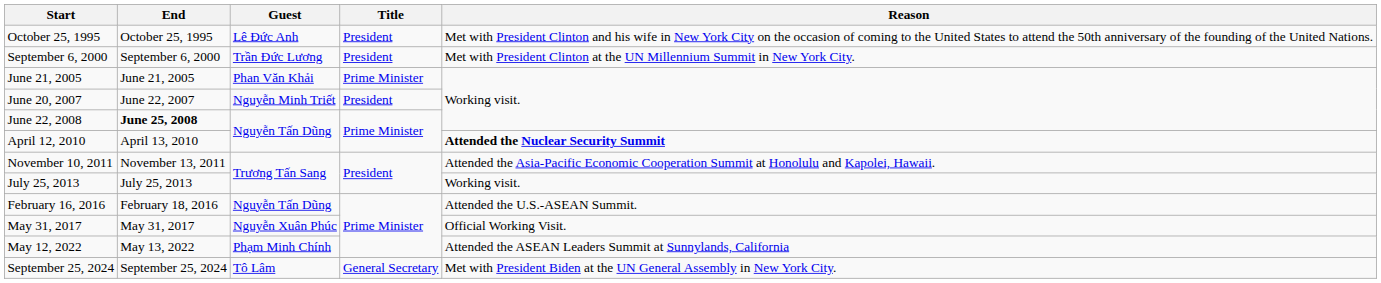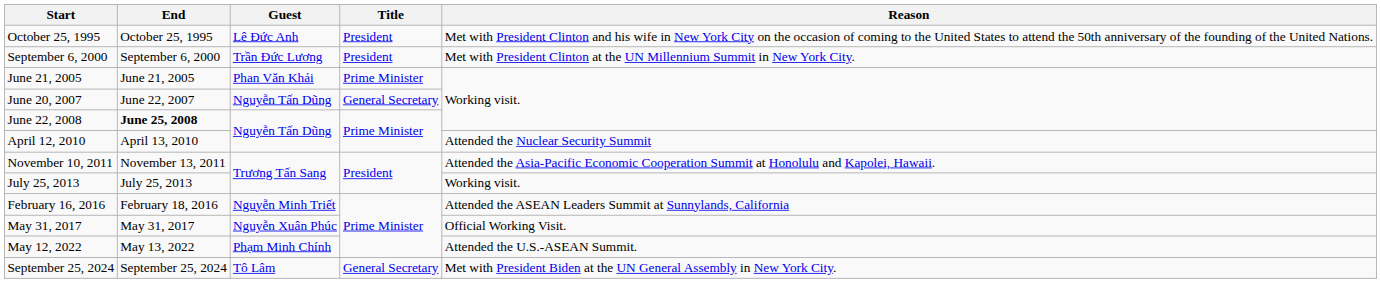 <table class="wikitable sortable">
 <tr>
 <th>Start</th>
 <th>End</th>
 <th>Guest</th>
 <th>Title</th>
 <th>Reason</th>
 </tr>
 <tr>
 <td>October 25, 1995</td>
 <td>October 25, 1995</td>
 <td><a href='#'>Lê Đức Anh</a></td>
 <td><a href='#'>President</a></td>
 <td>Met with <a href='#'>President Clinton</a> and his wife in <a href='#'>New York City</a> on the occasion of coming to the United States to attend the 50th anniversary of the founding of the United Nations.</td>
 </tr>
 <tr>
 <td>September 6, 2000</td>
 <td>September 6, 2000</td>
 <td><a href='#'>Trần Đức Lương</a></td>
 <td><a href='#'>President</a></td>
 <td>Met with <a href='#'>President Clinton</a> at the <a href='#'>UN Millennium Summit</a> in <a href='#'>New York City</a>.</td>
 </tr>
 <tr>
 <td>June 21, 2005</td>
 <td>June 21, 2005</td>
 <td><a href='#'>Phan Văn Khải</a></td>
 <td><a href='#'>Prime Minister</a></td>
 <td rowspan=3>Working visit.</td>
 </tr>
 <tr>
 <td>June 20, 2007</td>
 <td>June 22, 2007</td>
-<td><a href='#'>Nguyễn Minh Triết</a></td>
-<td><a href='#'>President</a></td>
+<td><a href='#'>Nguyễn Tấn Dũng</a></td>
+<td><a href='#'>General Secretary</a></td>
 </tr>
 <tr>
 <td>June 22, 2008</td>
 <td><strong>June 25, 2008</strong></td>
 <td rowspan=2><a href='#'>Nguyễn Tấn Dũng</a></td>
 <td rowspan=2><a href='#'>Prime Minister</a></td>
 </tr>
 <tr>
 <td>April 12, 2010</td>
 <td>April 13, 2010</td>
-<td><strong>Attended the <a href='#'>Nuclear Security Summit</a></strong></td>
+<td>Attended the <a href='#'>Nuclear Security Summit</a></td>
 </tr>
 <tr>
 <td>November 10, 2011</td>
 <td>November 13, 2011</td>
 <td rowspan=2><a href='#'>Trương Tấn Sang</a></td>
 <td rowspan=2><a href='#'>President</a></td>
 <td>Attended the <a href='#'>Asia-Pacific Economic Cooperation Summit</a> at <a href='#'>Honolulu</a> and <a href='#'>Kapolei, Hawaii</a>.</td>
 </tr>
 <tr>
 <td>July 25, 2013</td>
 <td>July 25, 2013</td>
 <td>Working visit.</td>
 </tr>
 <tr>
 <td>February 16, 2016</td>
 <td>February 18, 2016</td>
-<td><a href='#'>Nguyễn Tấn Dũng</a></td>
+<td><a href='#'>Nguyễn Minh Triết</a></td>
 <td rowspan=3><a href='#'>Prime Minister</a></td>
-<td>Attended the U.S.-ASEAN Summit.</td>
+<td>Attended the ASEAN Leaders Summit at <a href='#'>Sunnylands, California</a></td>
 </tr>
 <tr>
 <td>May 31, 2017</td>
 <td>May 31, 2017</td>
 <td><a href='#'>Nguyễn Xuân Phúc</a></td>
 <td>Official Working Visit.</td>
 </tr>
 <tr>
 <td>May 12, 2022</td>
 <td>May 13, 2022</td>
 <td><a href='#'>Phạm Minh Chính</a></td>
-<td>Attended the ASEAN Leaders Summit at <a href='#'>Sunnylands, California</a></td>
+<td>Attended the U.S.-ASEAN Summit.</td>
 </tr>
 <tr>
 <td>September 25, 2024</td>
 <td>September 25, 2024</td>
 <td><a href='#'>Tô Lâm</a></td>
 <td><a href='#'>General Secretary</a></td>
 <td>Met with <a href='#'>President Biden</a> at the <a href='#'>UN General Assembly</a> in <a href='#'>New York City</a>.</td>
 </tr>
 </table>
